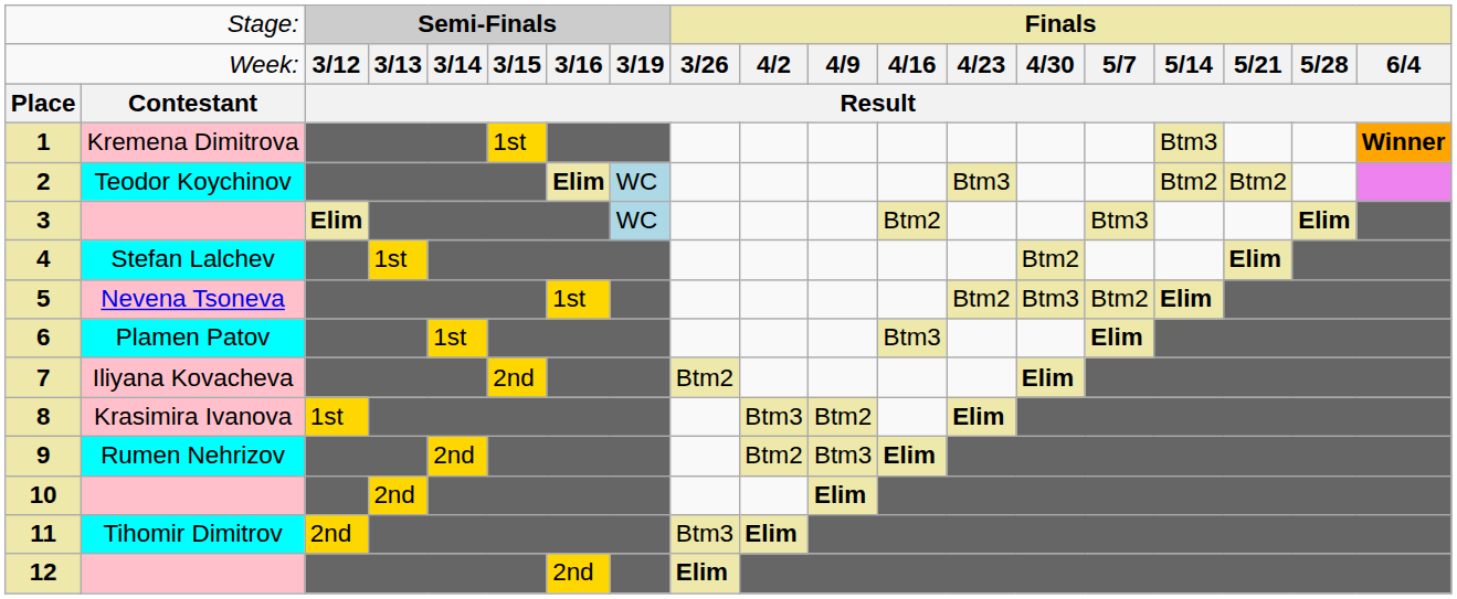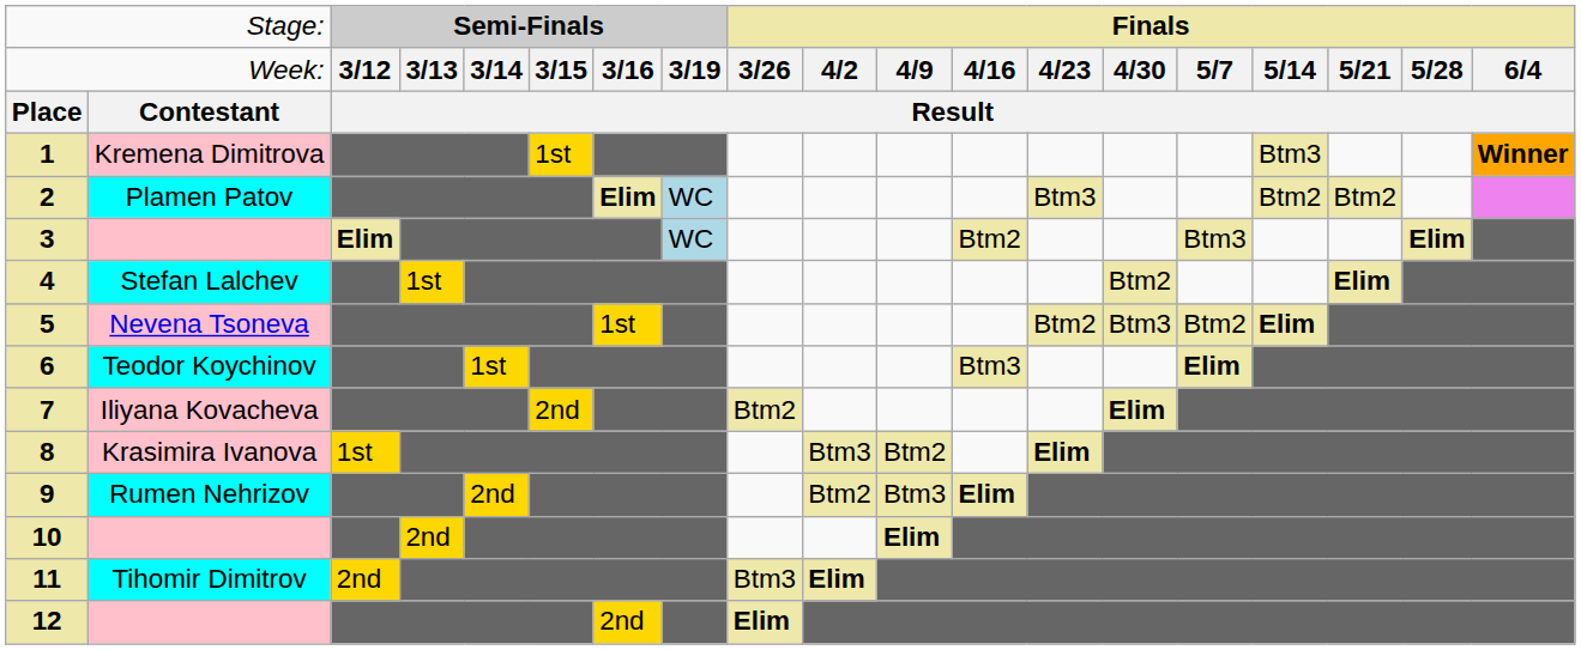 <table class="wikitable" align="center">
 <tr>
 <td colspan="2" align="right"><em>Stage:</em></td>
 <td colspan="6" bgcolor="CCCCCC" align="Center"><strong>Semi-Finals</strong></td>
 <td colspan="11" bgcolor="palegoldenrod" align="Center"><strong>Finals</strong></td>
 </tr>
 <tr>
 <td colspan="2" align="right"><em>Week:</em></td>
 <th>3/12</th>
 <th>3/13</th>
 <th>3/14</th>
 <th>3/15</th>
 <th>3/16</th>
 <th>3/19</th>
 <th>3/26</th>
 <th>4/2</th>
 <th>4/9</th>
 <th>4/16</th>
 <th>4/23</th>
 <th>4/30</th>
 <th>5/7</th>
 <th>5/14</th>
 <th>5/21</th>
 <th>5/28</th>
 <th>6/4</th>
 </tr>
 <tr>
 <th>Place</th>
 <th>Contestant</th>
 <th colspan="17" align="center">Result</th>
 </tr>
 <tr>
 <td align="center" bgcolor="palegoldenrod"><strong>1</strong></td>
 <td bgcolor="pink" align=center>Kremena Dimitrova</td>
 <td colspan="3" bgcolor="666666"></td>
 <td bgcolor="gold">1st</td>
 <td colspan="2" bgcolor="666666"></td>
 <td></td>
 <td></td>
 <td></td>
 <td></td>
 <td></td>
 <td></td>
 <td></td>
 <td bgcolor="palegoldenrod">Btm3</td>
 <td></td>
 <td></td>
 <td align="center" bgcolor=orange><strong>Winner</strong></td>
 </tr>
 <tr>
 <td align="center" bgcolor="palegoldenrod"><strong>2</strong></td>
-<td bgcolor="cyan" align=center>Teodor Koychinov</td>
+<td bgcolor="cyan" align=center>Plamen Patov</td>
 <td colspan="4" bgcolor="666666"></td>
 <td bgcolor="palegoldenrod"><strong>Elim</strong></td>
 <td bgcolor="lightblue">WC</td>
 <td></td>
 <td></td>
 <td></td>
 <td></td>
 <td bgcolor="palegoldenrod">Btm3</td>
 <td></td>
 <td></td>
 <td bgcolor="palegoldenrod">Btm2</td>
 <td bgcolor="palegoldenrod">Btm2</td>
 <td></td>
 <td align="center" bgcolor="violet"></td>
 </tr>
 <tr>
 <td align="center" bgcolor="palegoldenrod"><strong>3</strong></td>
 <td bgcolor="pink" align=center></td>
 <td bgcolor="palegoldenrod"><strong>Elim</strong></td>
 <td colspan="4" bgcolor="666666"></td>
 <td bgcolor="lightblue">WC</td>
 <td></td>
 <td></td>
 <td></td>
 <td bgcolor="palegoldenrod">Btm2</td>
 <td></td>
 <td></td>
 <td bgcolor="palegoldenrod">Btm3</td>
 <td></td>
 <td></td>
 <td bgcolor="palegoldenrod"><strong>Elim</strong></td>
 <td colspan="1" bgcolor="666666"></td>
 </tr>
 <tr>
 <td align="center" bgcolor="palegoldenrod"><strong>4</strong></td>
 <td bgcolor="cyan" align=center>Stefan Lalchev</td>
 <td colspan="1" bgcolor="666666"></td>
 <td bgcolor="gold">1st</td>
 <td colspan="4" bgcolor="666666"></td>
 <td></td>
 <td></td>
 <td></td>
 <td></td>
 <td></td>
 <td bgcolor="palegoldenrod">Btm2</td>
 <td></td>
 <td></td>
 <td bgcolor="palegoldenrod"><strong>Elim</strong></td>
 <td colspan="50" bgcolor="666666"></td>
 </tr>
 <tr>
 <td align="center" bgcolor="palegoldenrod"><strong>5</strong></td>
 <td bgcolor="pink" align=center><a href='#'>Nevena Tsoneva</a></td>
 <td colspan="4" bgcolor="666666"></td>
 <td bgcolor="gold">1st</td>
 <td colspan="1" bgcolor="666666"></td>
 <td></td>
 <td></td>
 <td></td>
 <td></td>
 <td bgcolor="palegoldenrod">Btm2</td>
 <td bgcolor="palegoldenrod">Btm3</td>
 <td bgcolor="palegoldenrod">Btm2</td>
 <td bgcolor="palegoldenrod"><strong>Elim</strong></td>
 <td colspan="4" bgcolor="666666"></td>
 </tr>
 <tr>
 <td align="center" bgcolor="palegoldenrod"><strong>6</strong></td>
-<td bgcolor="cyan" align=center>Plamen Patov</td>
+<td bgcolor="cyan" align=center>Teodor Koychinov</td>
 <td colspan="2" bgcolor="666666"></td>
 <td bgcolor="gold">1st</td>
 <td colspan="3" bgcolor="666666"></td>
 <td></td>
 <td></td>
 <td></td>
 <td bgcolor="palegoldenrod">Btm3</td>
 <td></td>
 <td></td>
 <td bgcolor="palegoldenrod"><strong>Elim</strong></td>
 <td colspan="5" bgcolor="666666"></td>
 </tr>
 <tr>
 <td align="center" bgcolor="palegoldenrod"><strong>7</strong></td>
 <td bgcolor="pink" align=center>Iliyana Kovacheva</td>
 <td colspan="3" bgcolor="666666"></td>
 <td bgcolor="gold">2nd</td>
 <td colspan="2" bgcolor="666666"></td>
 <td bgcolor="palegoldenrod">Btm2</td>
 <td></td>
 <td></td>
 <td></td>
 <td></td>
 <td bgcolor="palegoldenrod"><strong>Elim</strong></td>
 <td colspan="6" bgcolor="666666"></td>
 </tr>
 <tr>
 <td align="center" bgcolor="palegoldenrod"><strong>8</strong></td>
 <td bgcolor="pink" align=center>Krasimira Ivanova</td>
 <td bgcolor="gold">1st</td>
 <td colspan="5" bgcolor="666666"></td>
 <td></td>
 <td bgcolor="palegoldenrod">Btm3</td>
 <td bgcolor="palegoldenrod">Btm2</td>
 <td></td>
 <td bgcolor="palegoldenrod"><strong>Elim</strong></td>
 <td colspan="7" bgcolor="666666"></td>
 </tr>
 <tr>
 <td align="center" bgcolor="palegoldenrod"><strong>9</strong></td>
 <td bgcolor="cyan" align=center>Rumen Nehrizov</td>
 <td colspan="2" bgcolor="666666"></td>
 <td bgcolor="gold">2nd</td>
 <td colspan="3" bgcolor="666666"></td>
 <td></td>
 <td bgcolor="palegoldenrod">Btm2</td>
 <td bgcolor="palegoldenrod">Btm3</td>
 <td bgcolor="palegoldenrod"><strong>Elim</strong></td>
 <td colspan="8" bgcolor="666666"></td>
 </tr>
 <tr>
 <td align="center" bgcolor="palegoldenrod"><strong>10</strong></td>
 <td bgcolor="pink" align=center></td>
 <td colspan="1" bgcolor="666666"></td>
 <td bgcolor="gold">2nd</td>
 <td colspan="4" bgcolor="666666"></td>
 <td></td>
 <td></td>
 <td bgcolor="palegoldenrod"><strong>Elim</strong></td>
 <td colspan="50" bgcolor="666666"></td>
 </tr>
 <tr>
 <td align="center" bgcolor="palegoldenrod"><strong>11</strong></td>
 <td bgcolor="cyan" align=center>Tihomir Dimitrov</td>
 <td bgcolor="gold">2nd</td>
 <td colspan="5" bgcolor="666666"></td>
 <td bgcolor="palegoldenrod">Btm3</td>
 <td bgcolor="palegoldenrod"><strong>Elim</strong></td>
 <td colspan="9" bgcolor="666666"></td>
 </tr>
 <tr>
 <td align="center" bgcolor="palegoldenrod"><strong>12</strong></td>
 <td bgcolor="pink" align=center></td>
 <td colspan="4" bgcolor="666666"></td>
 <td bgcolor="gold">2nd</td>
 <td colspan="1" bgcolor="666666"></td>
 <td bgcolor="palegoldenrod"><strong>Elim</strong></td>
 <td colspan="10" bgcolor="666666"></td>
 </tr>
 </table>
